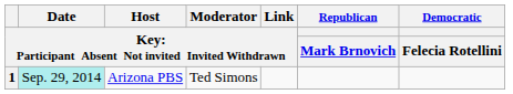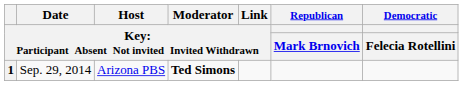 <table class="wikitable" style="text-align:center;">
 <tr>
 <th scope="col"></th>
 <th scope="col">Date</th>
 <th scope="col">Host</th>
 <th scope="col">Moderator</th>
 <th scope="col">Link</th>
 <th scope="col"><small><a href='#'>Republican</a></small></th>
 <th scope="col"><small><a href='#'>Democratic</a></small></th>
 </tr>
 <tr>
 <th colspan="5" rowspan="2">Key:<br> <small>Participant </small>  <small>Absent </small>  <small>Not invited </small>  <small>Invited  Withdrawn</small></th>
 <th scope="col" style="background:"></th>
 <th scope="col" style="background:"></th>
 </tr>
 <tr>
 <th scope="col"><a href='#'>Mark Brnovich</a></th>
 <th scope="col">Felecia Rotellini</th>
 </tr>
 <tr>
 <th>1</th>
-<td style="background: paleturquoise; white-space:nowrap;">Sep. 29, 2014</td>
+<td style="white-space:nowrap;">Sep. 29, 2014</td>
 <td style="white-space:nowrap;"><a href='#'>Arizona PBS</a></td>
-<td style="white-space:nowrap;">Ted Simons</td>
+<td style="white-space:nowrap;"><strong>Ted Simons</strong></td>
 <td style="white-space:nowrap;"></td>
 <td></td>
 <td></td>
 </tr>
 </table>
